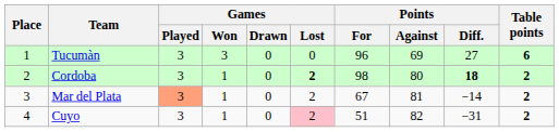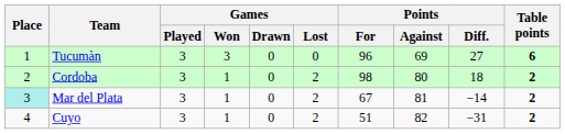 <table class="wikitable" style="text-align:center">
 <tr>
 <th rowspan=2 width="8%">Place</th>
 <th rowspan=2 width="20%">Team</th>
 <th colspan=4 width="32%">Games</th>
 <th colspan=3 width="30%">Points</th>
 <th rowspan=2 width="10%">Table<br>points</th>
 </tr>
 <tr>
 <th width="8%">Played</th>
 <th width="8%">Won</th>
 <th width="8%">Drawn</th>
 <th width="8%">Lost</th>
 <th width="10%">For</th>
 <th width="10%">Against</th>
 <th width="10%">Diff.</th>
 </tr>
 <tr style="background:#ccffcc">
 <td>1</td>
 <td align=left><a href='#'>Tucumàn</a></td>
 <td>3</td>
 <td>3</td>
 <td>0</td>
 <td>0</td>
 <td>96</td>
 <td>69</td>
 <td>27</td>
 <td><strong>6</strong></td>
 </tr>
 <tr style="background:#ccffcc">
 <td>2</td>
 <td align=left><a href='#'>Cordoba</a></td>
 <td>3</td>
 <td>1</td>
 <td>0</td>
-<td><strong>2</strong></td>
+<td>2</td>
 <td>98</td>
 <td>80</td>
-<td><strong>18</strong></td>
+<td>18</td>
 <td><strong>2</strong></td>
 </tr>
 <tr>
+<td style="background: paleturquoise;">3</td>
+<td align=left><a href='#'>Mar del Plata</a></td>
 <td>3</td>
-<td align=left><a href='#'>Mar del Plata</a></td>
-<td style="background: lightsalmon;">3</td>
 <td>1</td>
 <td>0</td>
 <td>2</td>
 <td>67</td>
 <td>81</td>
 <td>−14</td>
 <td><strong>2</strong></td>
 </tr>
 <tr>
 <td>4</td>
 <td align=left><a href='#'>Cuyo</a></td>
 <td>3</td>
 <td>1</td>
 <td>0</td>
-<td style="background: pink;">2</td>
+<td>2</td>
 <td>51</td>
 <td>82</td>
 <td>−31</td>
 <td><strong>2</strong></td>
 </tr>
 </table>
